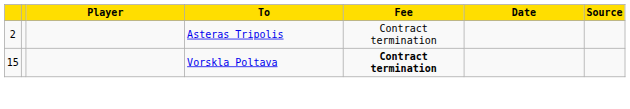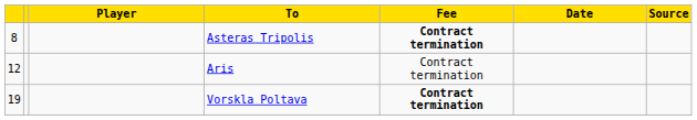 <table class="wikitable sortable">
 <tr>
 <th style="background:#FFDE00"></th>
 <th style="background:#FFDE00"></th>
 <th width=200 style="background:#FFDE00">Player</th>
 <th width=200 style="background:#FFDE00">To</th>
 <th width=150 style="background:#FFDE00">Fee</th>
 <th width=150 style="background:#FFDE00">Date</th>
 <th style="background:#FFDE00">Source</th>
 </tr>
 <tr>
-<td align=center>2</td>
+<td align=center>8</td>
 <td align=center></td>
 <td></td>
 <td> <a href='#'>Asteras Tripolis</a></td>
+<td align=center><strong>Contract termination</strong></td>
+<td align=center></td>
+<td align=center></td>
+</tr>
+<tr>
+<td align=center>12</td>
+<td align=center></td>
+<td></td>
+<td> <a href='#'>Aris</a></td>
 <td align=center>Contract termination</td>
 <td align=center></td>
 <td align=center></td>
 </tr>
 <tr>
-<td align=center>15</td>
+<td align=center>19</td>
 <td align=center></td>
 <td></td>
 <td> <a href='#'>Vorskla Poltava</a></td>
 <td align=center><strong>Contract termination</strong></td>
 <td align=center></td>
 <td align=center></td>
 </tr>
 </table>
